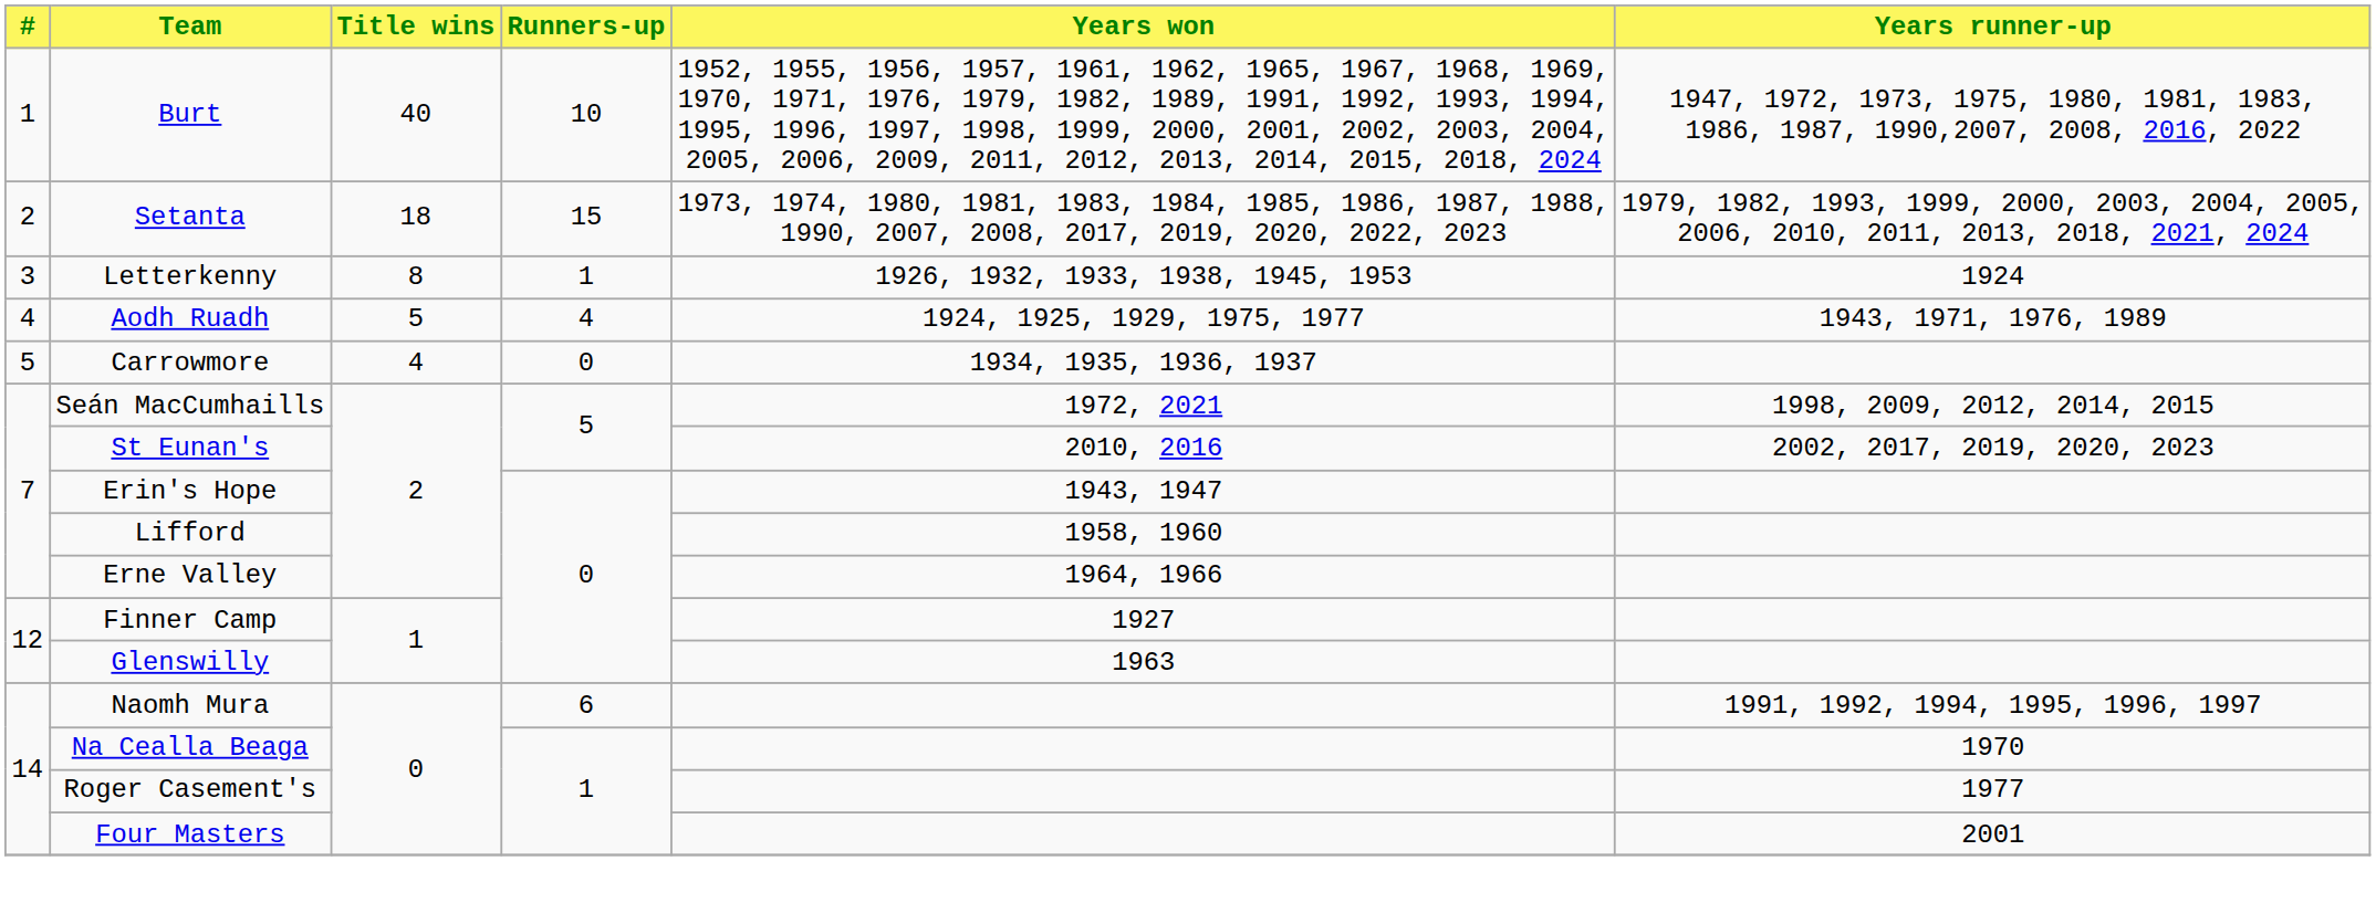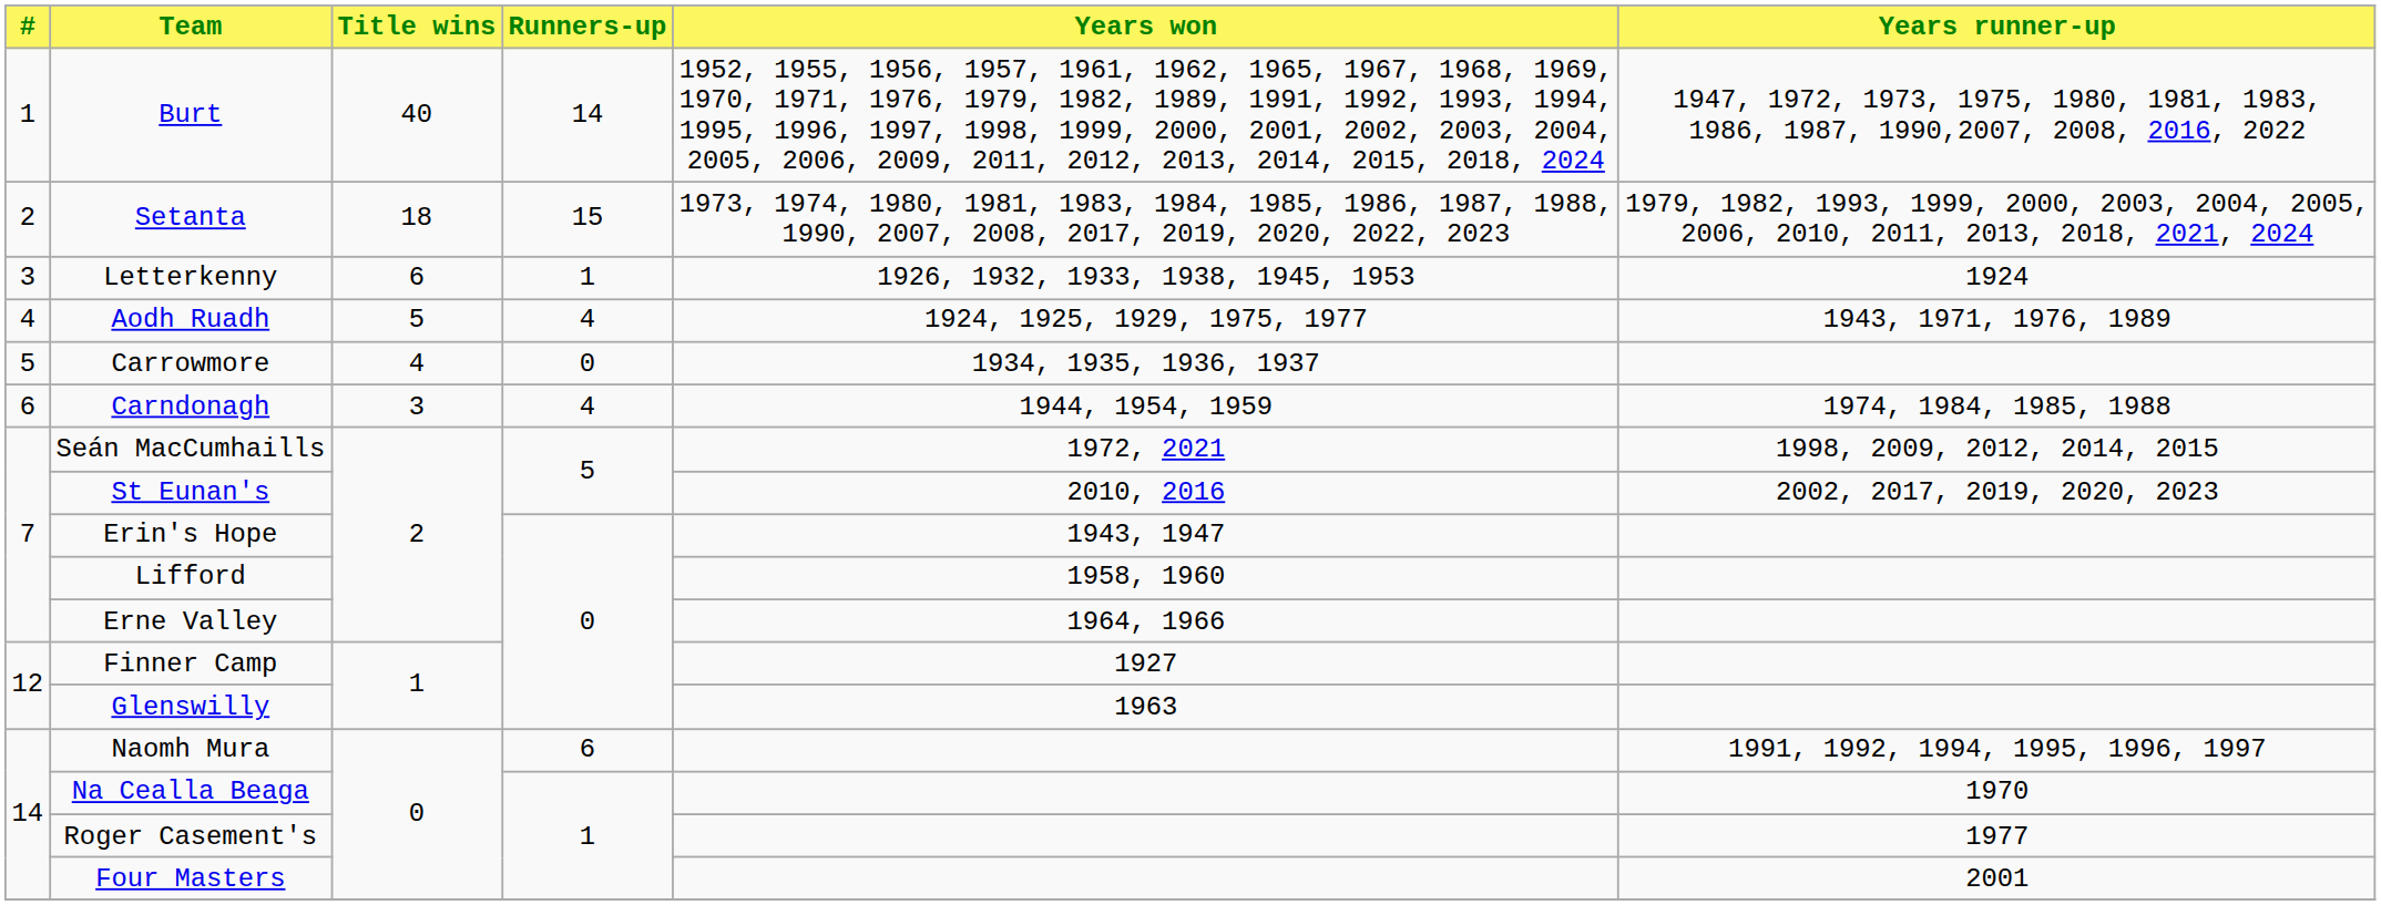 <table class="wikitable sortable" style="text-align:center;">
 <tr>
 <th style="background:#FCF75E;color:green;">#</th>
 <th style="background:#FCF75E;color:green;">Team</th>
 <th style="background:#FCF75E;color:green;">Title wins</th>
 <th style="background:#FCF75E;color:green;">Runners-up</th>
 <th style="background:#FCF75E;color:green;">Years won</th>
 <th style="background:#FCF75E;color:green;">Years runner-up</th>
 </tr>
 <tr>
 <td>1</td>
 <td><a href='#'>Burt</a></td>
 <td>40</td>
-<td>10</td>
+<td>14</td>
 <td>1952, 1955, 1956, 1957, 1961, 1962, 1965, 1967, 1968, 1969,<br>1970, 1971, 1976, 1979, 1982, 1989, 1991, 1992, 1993, 1994,<br>1995, 1996, 1997, 1998, 1999, 2000, 2001, 2002, 2003, 2004,<br>2005, 2006, 2009, 2011, 2012, 2013, 2014, 2015, 2018, <a href='#'>2024</a></td>
 <td>1947, 1972, 1973, 1975, 1980, 1981, 1983,<br>1986, 1987, 1990,2007, 2008, <a href='#'>2016</a>, 2022</td>
 </tr>
 <tr>
 <td>2</td>
 <td><a href='#'>Setanta</a></td>
 <td>18</td>
 <td>15</td>
 <td>1973, 1974, 1980, 1981, 1983, 1984, 1985, 1986, 1987, 1988,<br>1990, 2007, 2008, 2017, 2019, 2020, 2022, 2023</td>
 <td>1979, 1982, 1993, 1999, 2000, 2003, 2004, 2005,<br>2006, 2010, 2011, 2013, 2018, <a href='#'>2021</a>, <a href='#'>2024</a></td>
 </tr>
 <tr>
 <td>3</td>
 <td>Letterkenny</td>
-<td>8</td>
+<td>6</td>
 <td>1</td>
 <td>1926, 1932, 1933, 1938, 1945, 1953</td>
 <td>1924</td>
 </tr>
 <tr>
 <td>4</td>
 <td><a href='#'>Aodh Ruadh</a></td>
 <td>5</td>
 <td>4</td>
 <td>1924, 1925, 1929, 1975, 1977</td>
 <td>1943, 1971, 1976, 1989</td>
 </tr>
 <tr>
 <td>5</td>
 <td>Carrowmore</td>
 <td>4</td>
 <td>0</td>
 <td>1934, 1935, 1936, 1937</td>
 <td></td>
+</tr>
+<tr>
+<td>6</td>
+<td><a href='#'>Carndonagh</a></td>
+<td>3</td>
+<td>4</td>
+<td>1944, 1954, 1959</td>
+<td>1974, 1984, 1985, 1988</td>
 </tr>
 <tr>
 <td rowspan="5">7</td>
 <td>Seán MacCumhaills</td>
 <td rowspan="5">2</td>
 <td rowspan="2">5</td>
 <td>1972, <a href='#'>2021</a></td>
 <td>1998, 2009, 2012, 2014, 2015</td>
 </tr>
 <tr>
 <td><a href='#'>St Eunan's</a></td>
 <td>2010, <a href='#'>2016</a></td>
 <td>2002, 2017, 2019, 2020, 2023</td>
 </tr>
 <tr>
 <td>Erin's Hope</td>
 <td rowspan="5">0</td>
 <td>1943, 1947</td>
 <td></td>
 </tr>
 <tr>
 <td>Lifford</td>
 <td>1958, 1960</td>
 <td></td>
 </tr>
 <tr>
 <td>Erne Valley</td>
 <td>1964, 1966</td>
 <td></td>
 </tr>
 <tr>
 <td rowspan="2">12</td>
 <td>Finner Camp</td>
 <td rowspan="2">1</td>
 <td>1927</td>
 <td></td>
 </tr>
 <tr>
 <td><a href='#'>Glenswilly</a></td>
 <td>1963</td>
 <td></td>
 </tr>
 <tr>
 <td rowspan="4">14</td>
 <td>Naomh Mura</td>
 <td rowspan="4">0</td>
 <td>6</td>
 <td></td>
 <td>1991, 1992, 1994, 1995, 1996, 1997</td>
 </tr>
 <tr>
 <td><a href='#'>Na Cealla Beaga</a></td>
 <td rowspan="3">1</td>
 <td></td>
 <td>1970</td>
 </tr>
 <tr>
 <td>Roger Casement's</td>
 <td></td>
 <td>1977</td>
 </tr>
 <tr>
 <td><a href='#'>Four Masters</a></td>
 <td></td>
 <td>2001</td>
 </tr>
 <tr>
 </tr>
 </table>
